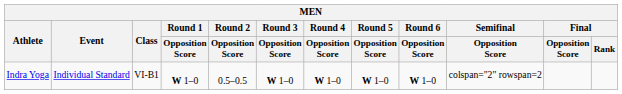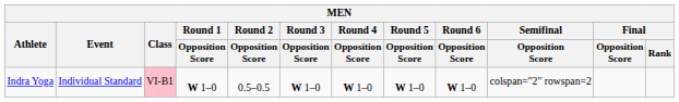 <table class="wikitable" style="font-size:90%">
 <tr>
 <th colspan="12">MEN</th>
 </tr>
 <tr>
 <th rowspan="2">Athlete</th>
 <th rowspan="2">Event</th>
 <th rowspan="2">Class</th>
 <th>Round 1</th>
 <th>Round 2</th>
 <th>Round 3</th>
 <th>Round 4</th>
 <th>Round 5</th>
 <th>Round 6</th>
 <th>Semifinal</th>
 <th colspan="2">Final</th>
 </tr>
 <tr style="font-size:95%", align="center">
 <th>Opposition<br>Score</th>
 <th>Opposition<br>Score</th>
 <th>Opposition<br>Score</th>
 <th>Opposition<br>Score</th>
 <th>Opposition<br>Score</th>
 <th>Opposition<br>Score</th>
 <th>Opposition<br>Score</th>
 <th>Opposition<br>Score</th>
 <th>Rank</th>
 </tr>
 <tr align="center">
 <td align="left"><a href='#'>Indra Yoga</a></td>
 <td align="left"><a href='#'>Individual Standard</a></td>
-<td>VI-B1</td>
+<td style="background: pink;">VI-B1</td>
 <td><br><strong>W</strong> 1–0</td>
 <td><br><strong> </strong> 0.5–0.5</td>
 <td><br><strong>W</strong> 1–0</td>
 <td><br><strong>W</strong> 1–0</td>
 <td><br><strong>W</strong> 1–0</td>
 <td><br><strong>W</strong> 1–0</td>
 <td>colspan="2" rowspan=2 </td>
 <td></td>
 </tr>
 </table>
